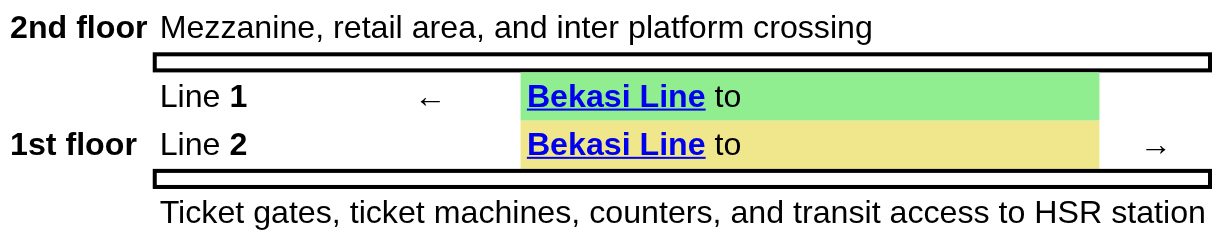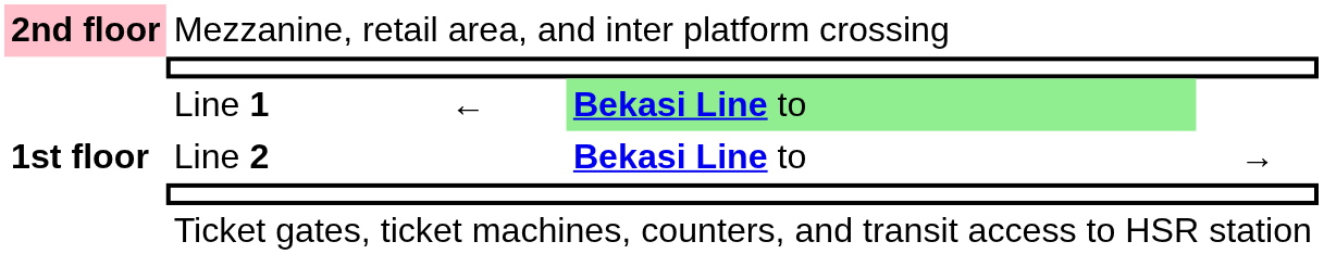 <table border="0" cellspacing="0" cellpadding="3">
 <tr>
 <td colspan="5" style="text-align:center"> </td>
 </tr>
 <tr>
-<td><strong>2nd floor</strong></td>
+<td style="background: pink;"><strong>2nd floor</strong></td>
 <td colspan="4">Mezzanine, retail area, and inter platform crossing</td>
 </tr>
 <tr>
 <td rowspan="5"><strong>1st floor</strong></td>
 <td colspan="4" style="text-align:center ; border:solid 2px black"></td>
 </tr>
 <tr>
 <td>Line <strong>1</strong></td>
 <td>← </td>
 <td style="background: lightgreen;"> <strong><a href='#'>Bekasi Line</a></strong> to </td>
 <td style="text-align:center"></td>
 </tr>
 <tr>
 <td>Line <strong>2</strong></td>
 <td></td>
-<td style="background: khaki;"> <strong><a href='#'>Bekasi Line</a></strong> to </td>
+<td> <strong><a href='#'>Bekasi Line</a></strong> to </td>
 <td style="text-align:center"> →</td>
 </tr>
 <tr>
 <td colspan="4" style="text-align:center ; border:solid 2px black"></td>
 </tr>
 <tr>
 <td colspan="4">Ticket gates, ticket machines, counters, and transit access to HSR station</td>
 </tr>
 </table>
